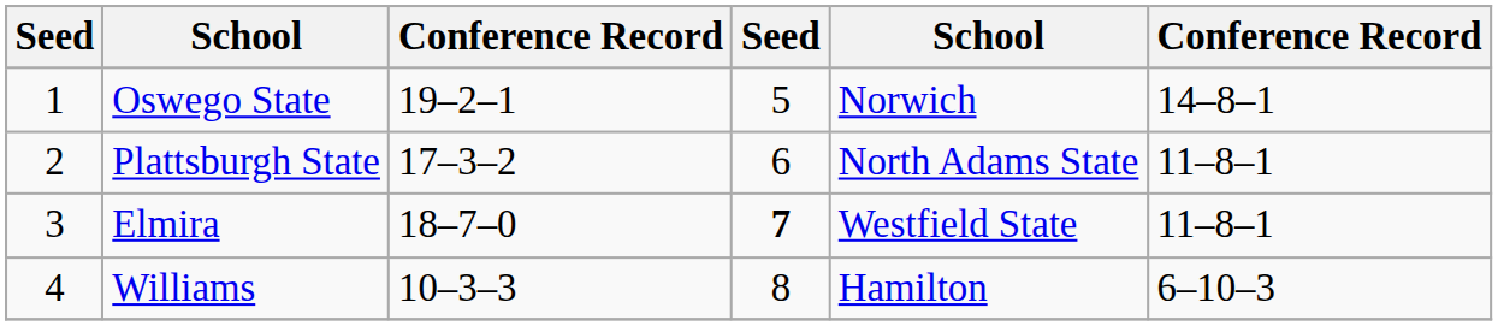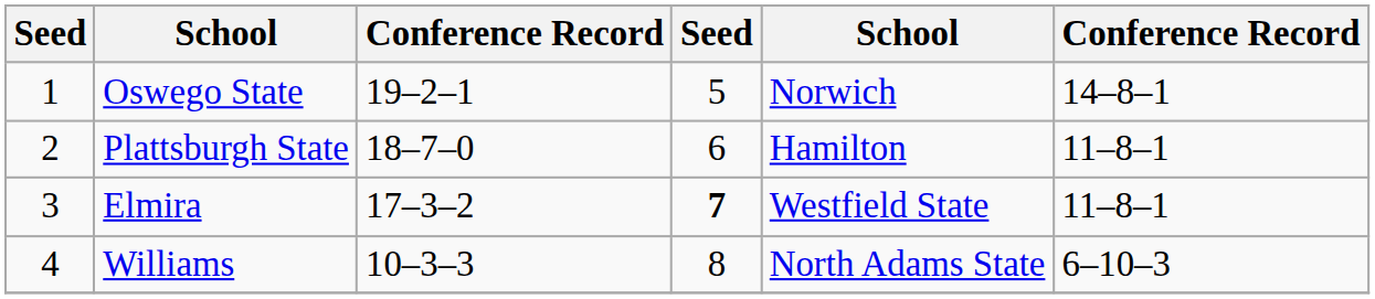 <table class="wikitable">
 <tr>
 <th>Seed</th>
 <th>School</th>
 <th>Conference Record</th>
 <th>Seed</th>
 <th>School</th>
 <th>Conference Record</th>
 </tr>
 <tr>
 <td align=center>1</td>
 <td><a href='#'>Oswego State</a></td>
 <td>19–2–1</td>
 <td align=center>5</td>
 <td><a href='#'>Norwich</a></td>
 <td>14–8–1</td>
 </tr>
 <tr>
 <td align=center>2</td>
 <td><a href='#'>Plattsburgh State</a></td>
-<td>17–3–2</td>
+<td>18–7–0</td>
 <td align=center>6</td>
-<td><a href='#'>North Adams State</a></td>
+<td><a href='#'>Hamilton</a></td>
 <td>11–8–1</td>
 </tr>
 <tr>
 <td align=center>3</td>
 <td><a href='#'>Elmira</a></td>
-<td>18–7–0</td>
+<td>17–3–2</td>
 <td align=center><strong>7</strong></td>
 <td><a href='#'>Westfield State</a></td>
 <td>11–8–1</td>
 </tr>
 <tr>
 <td align=center>4</td>
 <td><a href='#'>Williams</a></td>
 <td>10–3–3</td>
 <td align=center>8</td>
-<td><a href='#'>Hamilton</a></td>
+<td><a href='#'>North Adams State</a></td>
 <td>6–10–3</td>
 </tr>
 <tr>
 </tr>
 </table>
